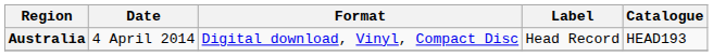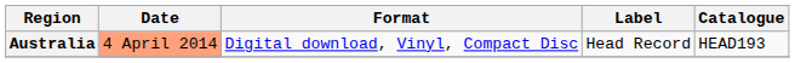 <table class="wikitable plainrowheaders">
 <tr>
 <th scope="col">Region</th>
 <th scope="col">Date</th>
 <th scope="col">Format</th>
 <th scope="col">Label</th>
 <th scope="col">Catalogue</th>
 </tr>
 <tr>
 <th scope="row">Australia</th>
-<td>4 April 2014</td>
+<td style="background: lightsalmon;">4 April 2014</td>
 <td><a href='#'>Digital download</a>, <a href='#'>Vinyl</a>, <a href='#'>Compact Disc</a></td>
 <td>Head Record</td>
 <td>HEAD193</td>
 </tr>
 <tr>
 </tr>
 </table>
